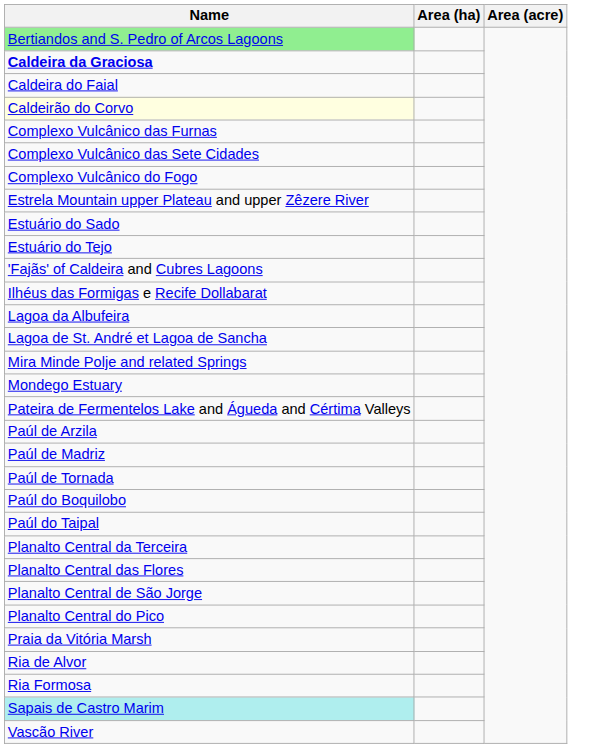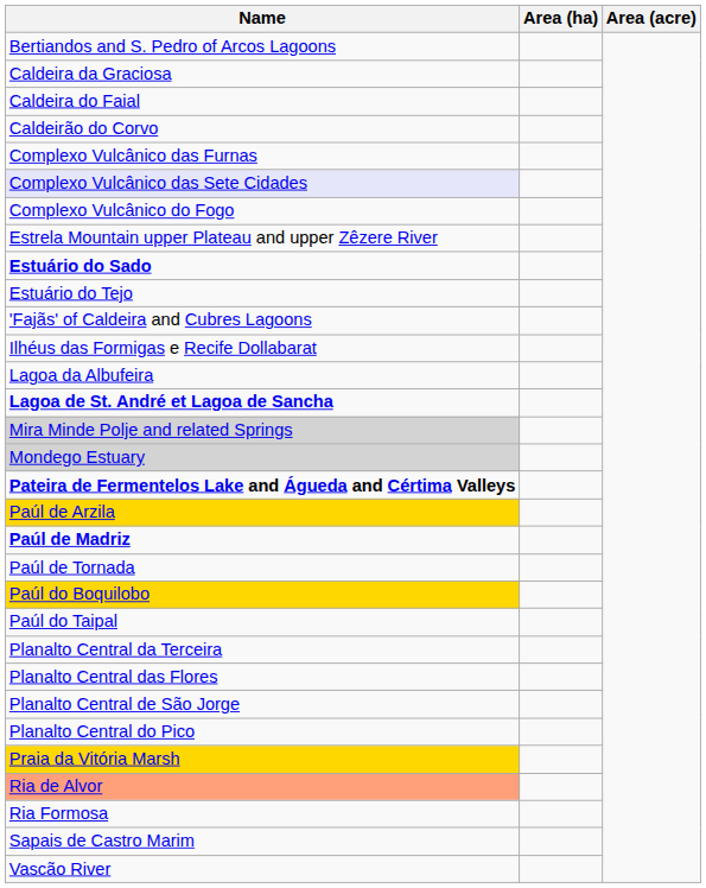 <table class="wikitable">
 <tr>
 <th scope="col" align=left>Name</th>
 <th scope="col">Area (ha)</th>
 <th scope="col">Area (acre)</th>
 </tr>
 <tr ---->
-<td style="background: lightgreen;"><a href='#'>Bertiandos and S. Pedro of Arcos Lagoons</a></td>
+<td><a href='#'>Bertiandos and S. Pedro of Arcos Lagoons</a></td>
 <td></td>
 </tr>
 <tr ---->
-<td><strong><a href='#'>Caldeira da Graciosa</a></strong></td>
+<td><a href='#'>Caldeira da Graciosa</a></td>
 <td></td>
 </tr>
 <tr ---->
 <td><a href='#'>Caldeira do Faial</a></td>
 <td></td>
 </tr>
 <tr ---->
-<td style="background: lightyellow;"><a href='#'>Caldeirão do Corvo</a></td>
+<td><a href='#'>Caldeirão do Corvo</a></td>
 <td></td>
 </tr>
 <tr ---->
 <td><a href='#'>Complexo Vulcânico das Furnas</a></td>
 <td></td>
 </tr>
 <tr ---->
-<td><a href='#'>Complexo Vulcânico das Sete Cidades</a></td>
+<td style="background: lavender;"><a href='#'>Complexo Vulcânico das Sete Cidades</a></td>
 <td></td>
 </tr>
 <tr ---->
 <td><a href='#'>Complexo Vulcânico do Fogo</a></td>
 <td></td>
 </tr>
 <tr ---->
 <td><a href='#'>Estrela Mountain upper Plateau</a> and upper <a href='#'>Zêzere River</a></td>
 <td></td>
 </tr>
 <tr ---->
-<td><a href='#'>Estuário do Sado</a></td>
+<td><strong><a href='#'>Estuário do Sado</a></strong></td>
 <td></td>
 </tr>
 <tr ---->
 <td><a href='#'>Estuário do Tejo</a></td>
 <td></td>
 </tr>
 <tr ---->
 <td><a href='#'>'Fajãs' of Caldeira</a> and <a href='#'>Cubres Lagoons</a></td>
 <td></td>
 </tr>
 <tr ---->
 <td><a href='#'>Ilhéus das Formigas</a> e <a href='#'>Recife Dollabarat</a></td>
 <td></td>
 </tr>
 <tr ---->
 <td><a href='#'>Lagoa da Albufeira</a></td>
 <td></td>
 </tr>
 <tr ---->
-<td><a href='#'>Lagoa de St. André et Lagoa de Sancha</a></td>
+<td><strong><a href='#'>Lagoa de St. André et Lagoa de Sancha</a></strong></td>
 <td></td>
 </tr>
 <tr ---->
-<td><a href='#'>Mira Minde Polje and related Springs</a></td>
+<td style="background: lightgrey;"><a href='#'>Mira Minde Polje and related Springs</a></td>
 <td></td>
 </tr>
 <tr ---->
-<td><a href='#'>Mondego Estuary</a></td>
+<td style="background: lightgrey;"><a href='#'>Mondego Estuary</a></td>
 <td></td>
 </tr>
 <tr ---->
-<td><a href='#'>Pateira de Fermentelos Lake</a> and <a href='#'>Águeda</a> and <a href='#'>Cértima</a> Valleys</td>
+<td><strong><a href='#'>Pateira de Fermentelos Lake</a> and <a href='#'>Águeda</a> and <a href='#'>Cértima</a> Valleys</strong></td>
 <td></td>
 </tr>
 <tr ---->
-<td><a href='#'>Paúl de Arzila</a></td>
+<td style="background: gold;"><a href='#'>Paúl de Arzila</a></td>
 <td></td>
 </tr>
 <tr ---->
-<td><a href='#'>Paúl de Madriz</a></td>
+<td><strong><a href='#'>Paúl de Madriz</a></strong></td>
 <td></td>
 </tr>
 <tr ---->
 <td><a href='#'>Paúl de Tornada</a></td>
 <td></td>
 </tr>
 <tr ---->
-<td><a href='#'>Paúl do Boquilobo</a></td>
+<td style="background: gold;"><a href='#'>Paúl do Boquilobo</a></td>
 <td></td>
 </tr>
 <tr ---->
 <td><a href='#'>Paúl do Taipal</a></td>
 <td></td>
 </tr>
 <tr ---->
 <td><a href='#'>Planalto Central da Terceira</a></td>
 <td></td>
 </tr>
 <tr ---->
 <td><a href='#'>Planalto Central das Flores</a></td>
 <td></td>
 </tr>
 <tr ---->
 <td><a href='#'>Planalto Central de São Jorge</a></td>
 <td></td>
 </tr>
 <tr ---->
 <td><a href='#'>Planalto Central do Pico</a></td>
 <td></td>
 </tr>
 <tr ---->
-<td><a href='#'>Praia da Vitória Marsh</a></td>
+<td style="background: gold;"><a href='#'>Praia da Vitória Marsh</a></td>
 <td></td>
 </tr>
 <tr ---->
-<td><a href='#'>Ria de Alvor</a></td>
+<td style="background: lightsalmon;"><a href='#'>Ria de Alvor</a></td>
 <td></td>
 </tr>
 <tr ---->
 <td><a href='#'>Ria Formosa</a></td>
 <td></td>
 </tr>
 <tr ---->
-<td style="background: paleturquoise;"><a href='#'>Sapais de Castro Marim</a></td>
+<td><a href='#'>Sapais de Castro Marim</a></td>
 <td></td>
 </tr>
 <tr ---->
 <td><a href='#'>Vascão River</a></td>
 <td></td>
 </tr>
 </table>
